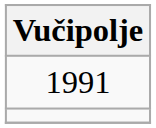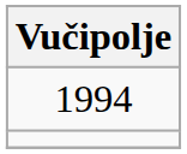 <table class="wikitable" style="margin: 0.5em auto; text-align: center;">
 <tr>
 <th colspan="1">Vučipolje</th>
 </tr>
 <tr>
-<td>1991</td>
+<td>1994</td>
 </tr>
 <tr>
 <td></td>
 </tr>
 <tr>
 </tr>
 </table>
